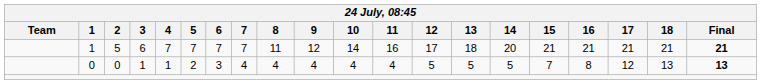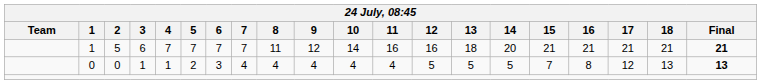 <table class=wikitable style="text-align:center; width: 55%">
 <tr>
 <th colspan=20><em>24 July, 08:45</em></th>
 </tr>
 <tr>
 <th>Team</th>
 <th>1</th>
 <th>2</th>
 <th>3</th>
 <th>4</th>
 <th>5</th>
 <th>6</th>
 <th>7</th>
 <th>8</th>
 <th>9</th>
 <th>10</th>
 <th>11</th>
 <th>12</th>
 <th>13</th>
 <th>14</th>
 <th>15</th>
 <th>16</th>
 <th>17</th>
 <th>18</th>
 <th>Final</th>
 </tr>
 <tr>
 <td align=left><strong></strong></td>
 <td>1</td>
 <td>5</td>
 <td>6</td>
 <td>7</td>
 <td>7</td>
 <td>7</td>
 <td>7</td>
 <td>11</td>
 <td>12</td>
 <td>14</td>
 <td>16</td>
-<td>17</td>
+<td>16</td>
 <td>18</td>
 <td>20</td>
 <td>21</td>
 <td>21</td>
 <td>21</td>
 <td>21</td>
 <td><strong>21</strong></td>
 </tr>
 <tr>
 <td align=left></td>
 <td>0</td>
 <td>0</td>
 <td>1</td>
 <td>1</td>
 <td>2</td>
 <td>3</td>
 <td>4</td>
 <td>4</td>
 <td>4</td>
 <td>4</td>
 <td>4</td>
 <td>5</td>
 <td>5</td>
 <td>5</td>
 <td>7</td>
 <td>8</td>
 <td>12</td>
 <td>13</td>
 <td><strong>13</strong></td>
 </tr>
 <tr>
 <td colspan=20></td>
 </tr>
 </table>
